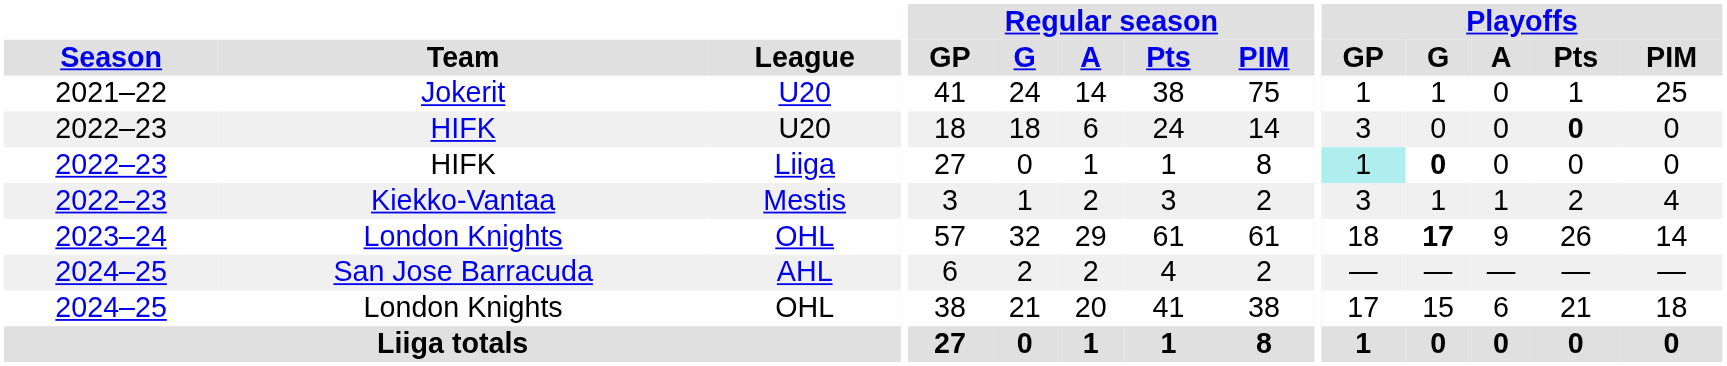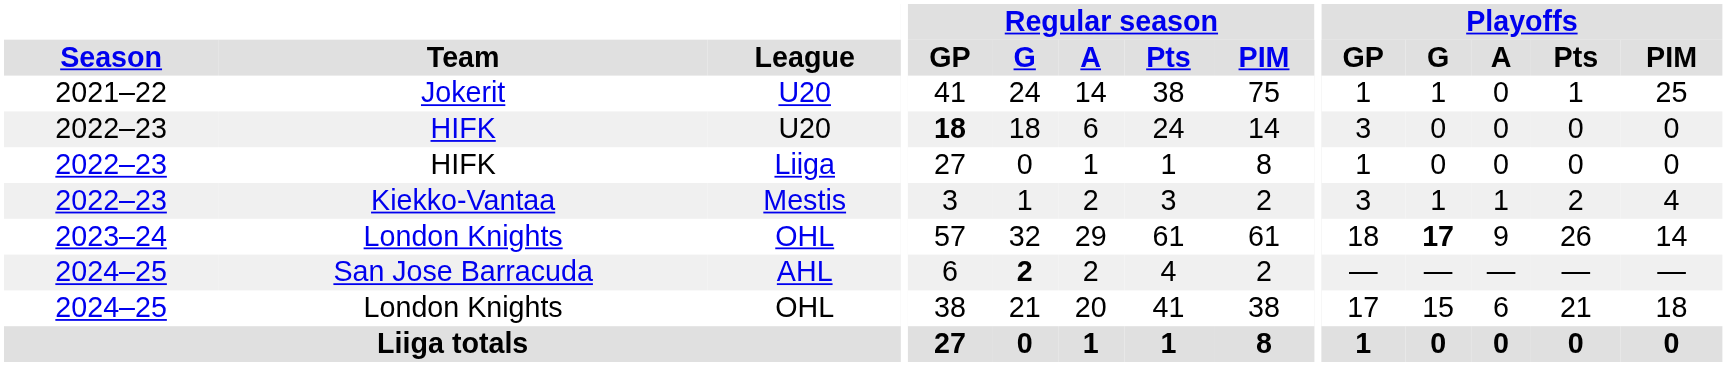 <table border="0" cellpadding="1" cellspacing="0" style="text-align:center; width:60em">
 <tr bgcolor="#e0e0e0">
 <th colspan="3" bgcolor="#ffffff"></th>
 <th rowspan="99" bgcolor="#ffffff"></th>
 <th colspan="5"><a href='#'>Regular season</a></th>
 <th rowspan="99" bgcolor="#ffffff"></th>
 <th colspan="5"><a href='#'>Playoffs</a></th>
 </tr>
 <tr bgcolor="#e0e0e0">
 <th><a href='#'>Season</a></th>
 <th>Team</th>
 <th>League</th>
 <th>GP</th>
 <th><a href='#'>G</a></th>
 <th><a href='#'>A</a></th>
 <th><a href='#'>Pts</a></th>
 <th><a href='#'>PIM</a></th>
 <th>GP</th>
 <th>G</th>
 <th>A</th>
 <th>Pts</th>
 <th>PIM</th>
 </tr>
 <tr>
 <td>2021–22</td>
 <td><a href='#'>Jokerit</a></td>
 <td><a href='#'>U20</a></td>
 <td>41</td>
 <td>24</td>
 <td>14</td>
 <td>38</td>
 <td>75</td>
 <td>1</td>
 <td>1</td>
 <td>0</td>
 <td>1</td>
 <td>25</td>
 </tr>
 <tr style="background:#f0f0f0;">
 <td>2022–23</td>
 <td><a href='#'>HIFK</a></td>
 <td>U20</td>
-<td>18</td>
+<td><strong>18</strong></td>
 <td>18</td>
 <td>6</td>
 <td>24</td>
 <td>14</td>
 <td>3</td>
 <td>0</td>
 <td>0</td>
-<td><strong>0</strong></td>
+<td>0</td>
 <td>0</td>
 </tr>
 <tr>
 <td><a href='#'>2022–23</a></td>
 <td>HIFK</td>
 <td><a href='#'>Liiga</a></td>
 <td>27</td>
 <td>0</td>
 <td>1</td>
 <td>1</td>
 <td>8</td>
-<td style="background: paleturquoise;">1</td>
-<td><strong>0</strong></td>
+<td>1</td>
+<td>0</td>
 <td>0</td>
 <td>0</td>
 <td>0</td>
 </tr>
 <tr style="background:#f0f0f0;">
 <td><a href='#'>2022–23</a></td>
 <td><a href='#'>Kiekko-Vantaa</a></td>
 <td><a href='#'>Mestis</a></td>
 <td>3</td>
 <td>1</td>
 <td>2</td>
 <td>3</td>
 <td>2</td>
 <td>3</td>
 <td>1</td>
 <td>1</td>
 <td>2</td>
 <td>4</td>
 </tr>
 <tr>
 <td><a href='#'>2023–24</a></td>
 <td><a href='#'>London Knights</a></td>
 <td><a href='#'>OHL</a></td>
 <td>57</td>
 <td>32</td>
 <td>29</td>
 <td>61</td>
 <td>61</td>
 <td>18</td>
 <td><strong>17</strong></td>
 <td>9</td>
 <td>26</td>
 <td>14</td>
 </tr>
 <tr style="background:#f0f0f0;">
 <td><a href='#'>2024–25</a></td>
 <td><a href='#'>San Jose Barracuda</a></td>
 <td><a href='#'>AHL</a></td>
 <td>6</td>
-<td>2</td>
+<td><strong>2</strong></td>
 <td>2</td>
 <td>4</td>
 <td>2</td>
 <td>—</td>
 <td>—</td>
 <td>—</td>
 <td>—</td>
 <td>—</td>
 </tr>
 <tr>
 <td><a href='#'>2024–25</a></td>
 <td>London Knights</td>
 <td>OHL</td>
 <td>38</td>
 <td>21</td>
 <td>20</td>
 <td>41</td>
 <td>38</td>
 <td>17</td>
 <td>15</td>
 <td>6</td>
 <td>21</td>
 <td>18</td>
 </tr>
 <tr bgcolor="#e0e0e0">
 <th colspan="3">Liiga totals</th>
 <th>27</th>
 <th>0</th>
 <th>1</th>
 <th>1</th>
 <th>8</th>
 <th>1</th>
 <th>0</th>
 <th>0</th>
 <th>0</th>
 <th>0</th>
 </tr>
 </table>
